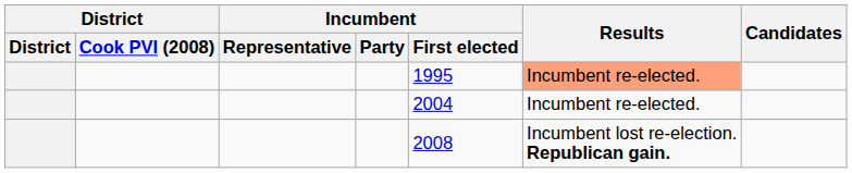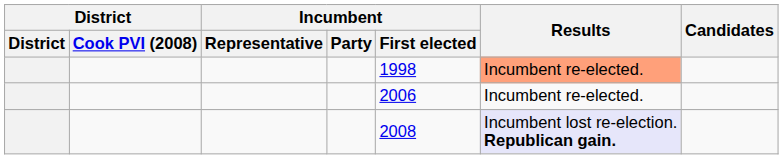 <table class="wikitable sortable">
 <tr>
 <th colspan=2>District</th>
 <th colspan=3>Incumbent</th>
 <th rowspan=2>Results</th>
 <th rowspan=2>Candidates</th>
 </tr>
 <tr valign=bottom>
 <th>District</th>
 <th><a href='#'>Cook PVI</a> (2008)</th>
 <th>Representative</th>
 <th>Party</th>
 <th>First elected</th>
 </tr>
 <tr>
 <th></th>
 <td></td>
 <td></td>
 <td></td>
-<td><a href='#'>1995</a></td>
+<td><a href='#'>1998</a></td>
 <td style="background: lightsalmon;">Incumbent re-elected.</td>
 <td nowrap></td>
 </tr>
 <tr>
 <th></th>
 <td></td>
 <td></td>
 <td></td>
-<td><a href='#'>2004</a></td>
+<td><a href='#'>2006</a></td>
 <td>Incumbent re-elected.</td>
 <td nowrap></td>
 </tr>
 <tr>
 <th></th>
 <td></td>
 <td></td>
 <td></td>
 <td><a href='#'>2008</a></td>
-<td>Incumbent lost re-election.<br><strong>Republican gain.</strong></td>
+<td style="background: lavender;">Incumbent lost re-election.<br><strong>Republican gain.</strong></td>
 <td nowrap></td>
 </tr>
 </table>
